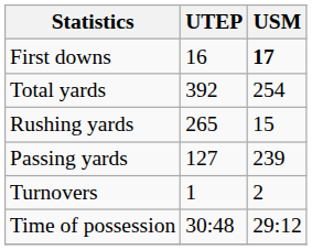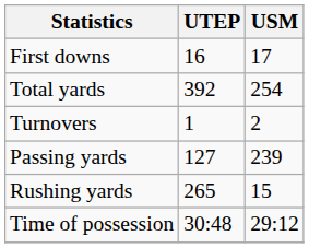 <table class="wikitable">
 <tr>
 <th>Statistics</th>
 <th>UTEP</th>
 <th>USM</th>
 </tr>
 <tr>
 <td>First downs</td>
 <td>16</td>
-<td><strong>17</strong></td>
+<td>17</td>
 </tr>
 <tr>
 <td>Total yards</td>
 <td>392</td>
 <td>254</td>
 </tr>
 <tr>
-<td>Rushing yards</td>
-<td>265</td>
-<td>15</td>
+<td>Turnovers</td>
+<td>1</td>
+<td>2</td>
 </tr>
 <tr>
 <td>Passing yards</td>
 <td>127</td>
 <td>239</td>
 </tr>
 <tr>
-<td>Turnovers</td>
-<td>1</td>
-<td>2</td>
+<td>Rushing yards</td>
+<td>265</td>
+<td>15</td>
 </tr>
 <tr>
 <td>Time of possession</td>
 <td>30:48</td>
 <td>29:12</td>
 </tr>
 <tr>
 </tr>
 </table>
